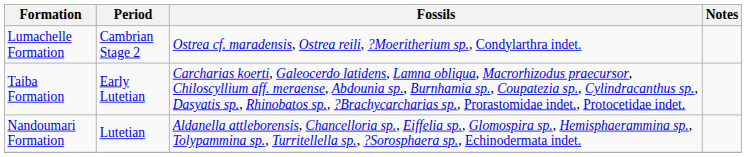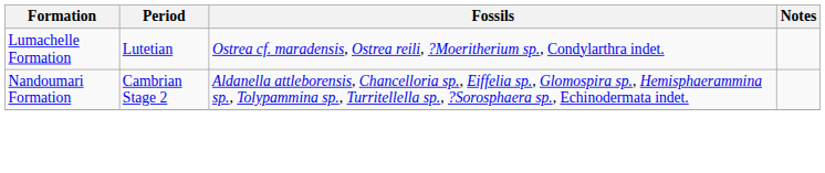 <table class="wikitable sortable">
 <tr>
 <th>Formation</th>
 <th>Period</th>
 <th>Fossils</th>
 <th class="unsortable">Notes</th>
 </tr>
 <tr>
 <td><a href='#'>Lumachelle Formation</a></td>
-<td style="background-color: "><a href='#'>Cambrian Stage 2</a></td>
+<td style="background-color: "><a href='#'>Lutetian</a></td>
 <td><em><a href='#'>Ostrea cf. maradensis</a></em>, <em><a href='#'>Ostrea reili</a></em>, <em><a href='#'>?Moeritherium sp.</a></em>, <a href='#'>Condylarthra indet.</a></td>
 <td align=center></td>
 </tr>
 <tr>
-<td><a href='#'>Taiba Formation</a></td>
-<td style="background-color: "><a href='#'>Early Lutetian</a></td>
-<td><em><a href='#'>Carcharias koerti</a></em>, <em><a href='#'>Galeocerdo latidens</a></em>, <em><a href='#'>Lamna obliqua</a></em>, <em><a href='#'>Macrorhizodus praecursor</a></em>, <em><a href='#'>Chiloscyllium aff. meraense</a></em>, <em><a href='#'>Abdounia sp.</a></em>, <em><a href='#'>Burnhamia sp.</a></em>, <em><a href='#'>Coupatezia sp.</a></em>, <em><a href='#'>Cylindracanthus sp.</a></em>, <em><a href='#'>Dasyatis sp.</a></em>, <em><a href='#'>Rhinobatos sp.</a></em>, <em><a href='#'>?Brachycarcharias sp.</a></em>, <a href='#'>Prorastomidae indet.</a>, <a href='#'>Protocetidae indet.</a></td>
-<td align=center></td>
-</tr>
-<tr>
 <td><a href='#'>Nandoumari Formation</a></td>
-<td style="background-color: "><a href='#'>Lutetian</a></td>
+<td style="background-color: "><a href='#'>Cambrian Stage 2</a></td>
 <td><em><a href='#'>Aldanella attleborensis</a></em>, <em><a href='#'>Chancelloria sp.</a></em>, <em><a href='#'>Eiffelia sp.</a></em>, <em><a href='#'>Glomospira sp.</a></em>, <em><a href='#'>Hemisphaerammina sp.</a></em>, <em><a href='#'>Tolypammina sp.</a></em>, <em><a href='#'>Turritellella sp.</a></em>, <em><a href='#'>?Sorosphaera sp.</a></em>, <a href='#'>Echinodermata indet.</a></td>
 <td align=center></td>
 </tr>
 <tr>
 </tr>
 </table>
